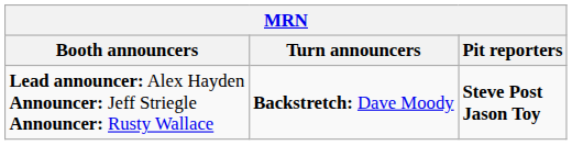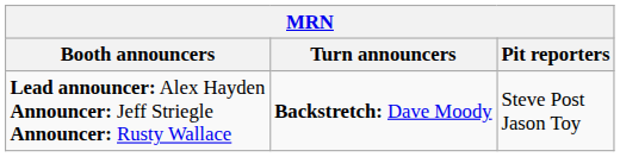 <table class="wikitable" style="font-size: 95%">
 <tr>
 <th colspan="3"><a href='#'>MRN</a></th>
 </tr>
 <tr>
 <th>Booth announcers</th>
 <th>Turn announcers</th>
 <th>Pit reporters</th>
 </tr>
 <tr>
 <td><strong>Lead announcer:</strong> Alex Hayden<br><strong>Announcer:</strong> Jeff Striegle<br><strong>Announcer:</strong> <a href='#'>Rusty Wallace</a></td>
 <td><strong>Backstretch:</strong> <a href='#'>Dave Moody</a></td>
-<td><strong>Steve Post<br>Jason Toy</strong></td>
+<td>Steve Post<br>Jason Toy</td>
 </tr>
 </table>
